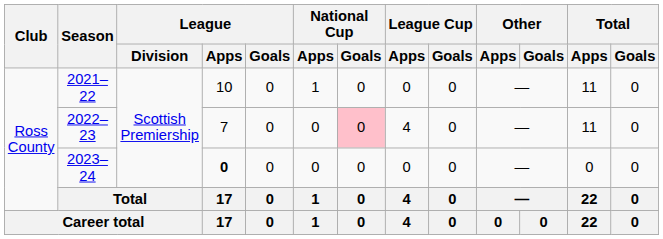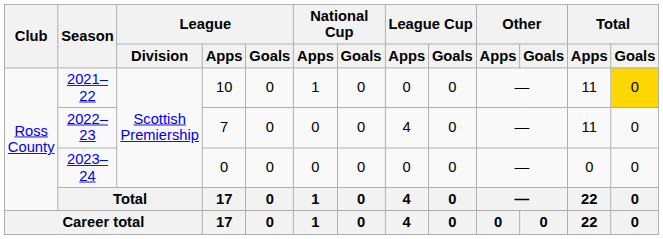 <table class=wikitable style="text-align: center">
 <tr>
 <th rowspan=2>Club</th>
 <th rowspan=2>Season</th>
 <th colspan=3>League</th>
 <th colspan=2>National Cup</th>
 <th colspan=2>League Cup</th>
 <th colspan=2>Other</th>
 <th colspan=2>Total</th>
 </tr>
 <tr>
 <th>Division</th>
 <th>Apps</th>
 <th>Goals</th>
 <th>Apps</th>
 <th>Goals</th>
 <th>Apps</th>
 <th>Goals</th>
 <th>Apps</th>
 <th>Goals</th>
 <th>Apps</th>
 <th>Goals</th>
 </tr>
 <tr>
 <td rowspan=4><a href='#'>Ross County</a></td>
 <td><a href='#'>2021–22</a></td>
 <td rowspan=3><a href='#'>Scottish Premiership</a></td>
 <td>10</td>
 <td>0</td>
 <td>1</td>
 <td>0</td>
 <td>0</td>
 <td>0</td>
 <td colspan="2">—</td>
 <td>11</td>
-<td>0</td>
+<td style="background: gold;">0</td>
 </tr>
 <tr>
 <td><a href='#'>2022–23</a></td>
 <td>7</td>
 <td>0</td>
 <td>0</td>
-<td style="background: pink;">0</td>
+<td>0</td>
 <td>4</td>
 <td>0</td>
 <td colspan="2">—</td>
 <td>11</td>
 <td>0</td>
 </tr>
 <tr>
 <td><a href='#'>2023–24</a></td>
-<td><strong>0</strong></td>
+<td>0</td>
 <td>0</td>
 <td>0</td>
 <td>0</td>
 <td>0</td>
 <td>0</td>
 <td colspan="2">—</td>
 <td>0</td>
 <td>0</td>
 </tr>
 <tr>
 <th colspan=2>Total</th>
 <th>17</th>
 <th>0</th>
 <th>1</th>
 <th>0</th>
 <th>4</th>
 <th>0</th>
 <th colspan="2">—</th>
 <th>22</th>
 <th>0</th>
 </tr>
 <tr>
 <th colspan=3>Career total</th>
 <th>17</th>
 <th>0</th>
 <th>1</th>
 <th>0</th>
 <th>4</th>
 <th>0</th>
 <th>0</th>
 <th>0</th>
 <th>22</th>
 <th>0</th>
 </tr>
 </table>
